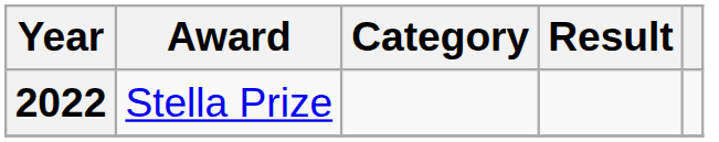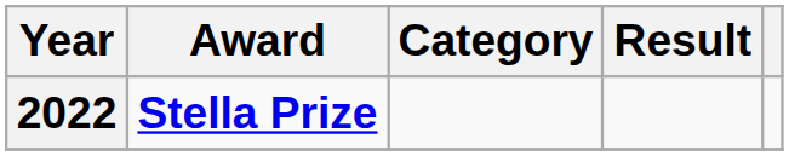 <table class="wikitable sortable">
 <tr>
 <th>Year</th>
 <th>Award</th>
 <th>Category</th>
 <th>Result</th>
 <th></th>
 </tr>
 <tr>
 <th rowspan="1">2022</th>
-<td><a href='#'>Stella Prize</a></td>
+<td><strong><a href='#'>Stella Prize</a></strong></td>
 <td></td>
 <td></td>
 <td></td>
 </tr>
 <tr>
 </tr>
 </table>
